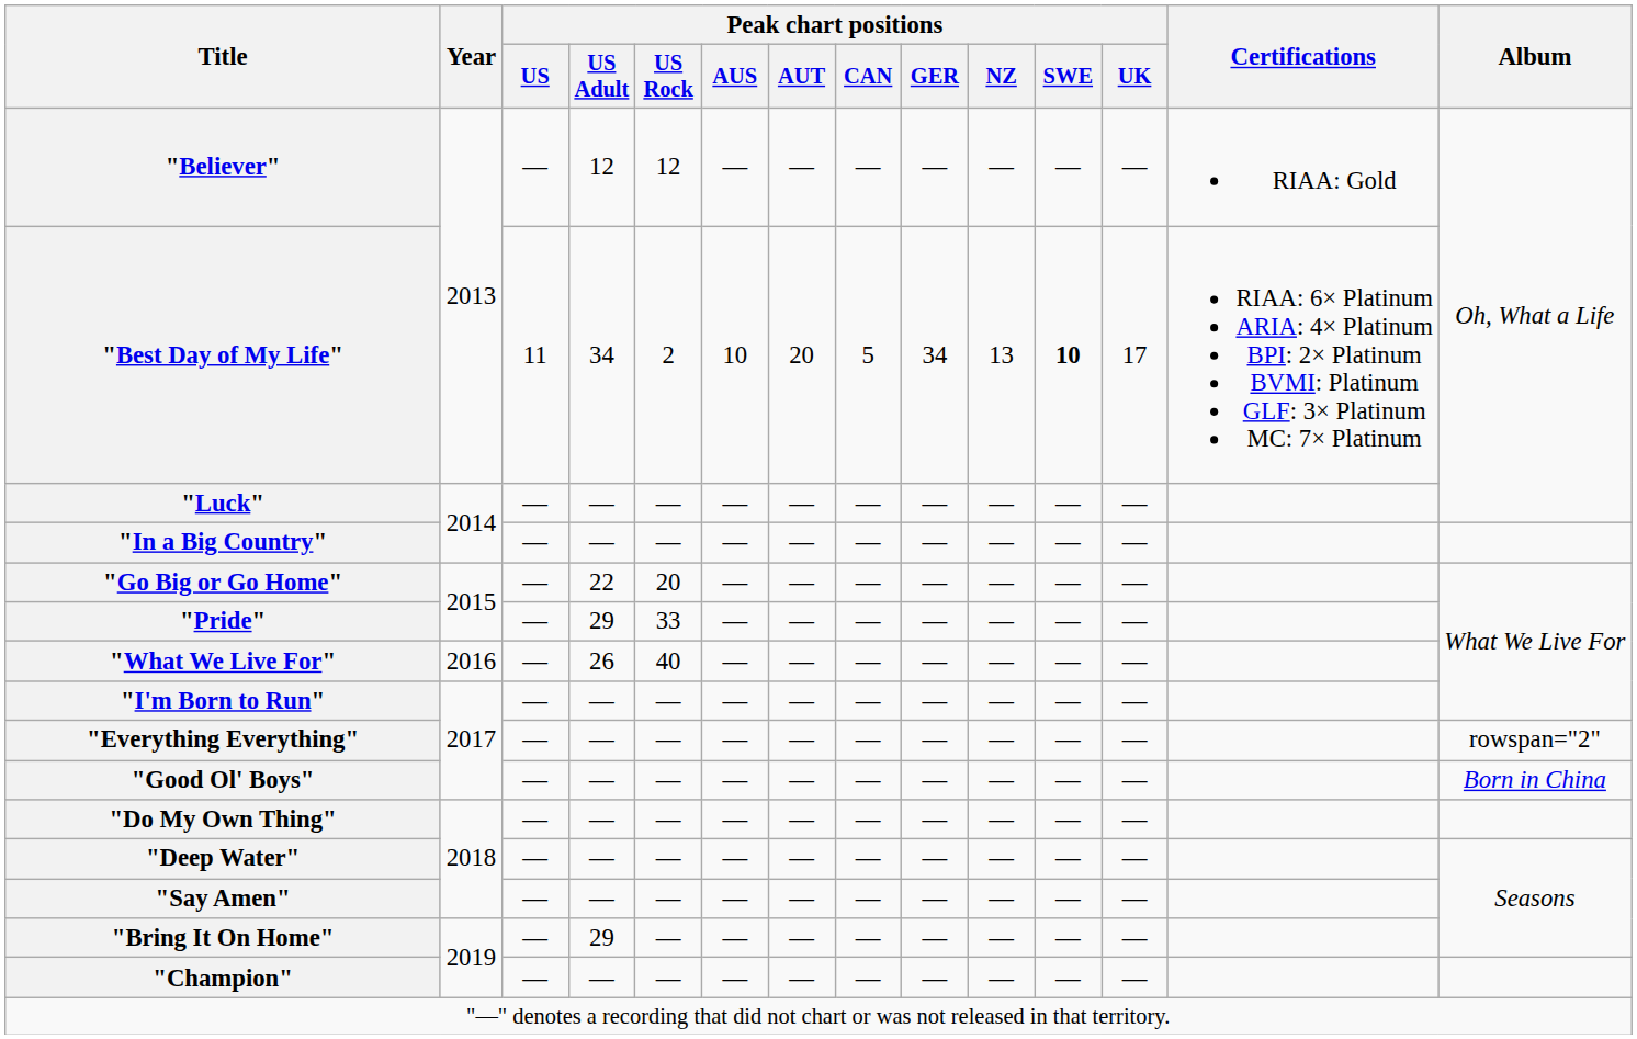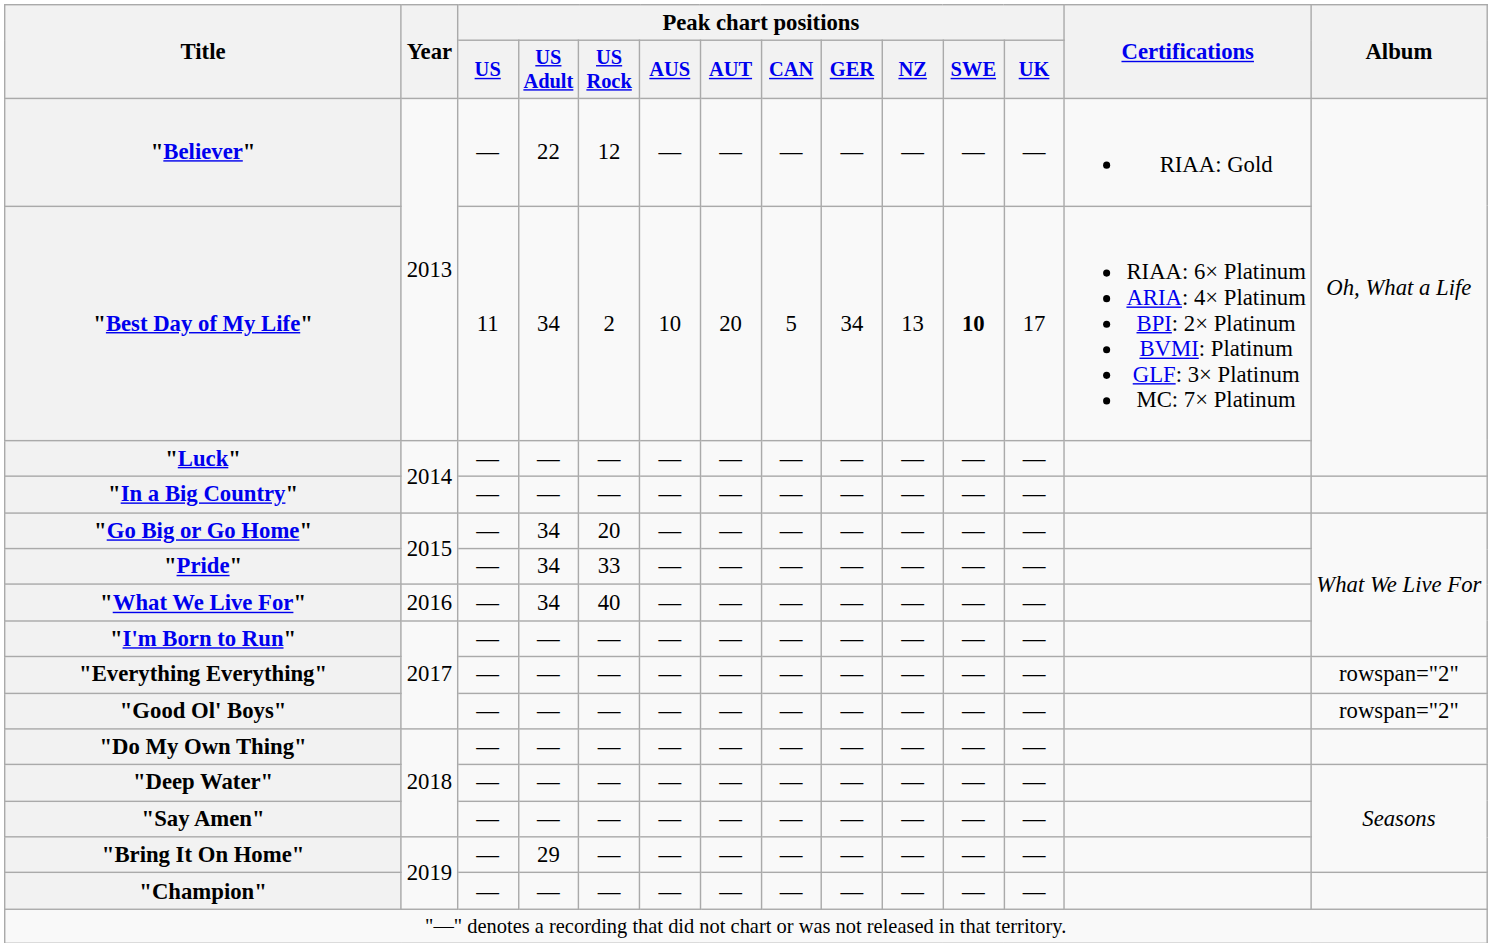 <table class="wikitable plainrowheaders" style="text-align:center;">
 <tr>
 <th scope="col" rowspan="2" style="width:17em;">Title</th>
 <th scope="col" rowspan="2">Year</th>
 <th scope="col" colspan="10">Peak chart positions</th>
 <th scope="col" rowspan="2"><a href='#'>Certifications</a></th>
 <th scope="col" rowspan="2">Album</th>
 </tr>
 <tr>
 <th scope="col" style="width:2.5em;font-size:90%;"><a href='#'>US</a><br></th>
 <th scope="col" style="width:2.5em;font-size:90%;"><a href='#'>US<br>Adult</a><br></th>
 <th scope="col" style="width:2.5em;font-size:90%;"><a href='#'>US<br>Rock</a><br></th>
 <th scope="col" style="width:2.5em;font-size:90%;"><a href='#'>AUS</a><br></th>
 <th scope="col" style="width:2.5em;font-size:90%;"><a href='#'>AUT</a><br></th>
 <th scope="col" style="width:2.5em;font-size:90%;"><a href='#'>CAN</a><br></th>
 <th scope="col" style="width:2.5em;font-size:90%;"><a href='#'>GER</a><br></th>
 <th scope="col" style="width:2.5em;font-size:90%;"><a href='#'>NZ</a><br></th>
 <th scope="col" style="width:2.5em;font-size:90%;"><a href='#'>SWE</a><br></th>
 <th scope="col" style="width:2.5em;font-size:90%;"><a href='#'>UK</a><br></th>
 </tr>
 <tr>
 <th scope="row">"<a href='#'>Believer</a>"</th>
 <td rowspan="2">2013</td>
 <td>—</td>
-<td>12</td>
+<td>22</td>
 <td>12</td>
 <td>—</td>
 <td>—</td>
 <td>—</td>
 <td>—</td>
 <td>—</td>
 <td>—</td>
 <td>—</td>
 <td><br><ul><li>RIAA: Gold</li></ul></td>
 <td rowspan="3"><em>Oh, What a Life</em></td>
 </tr>
 <tr>
 <th scope="row">"<a href='#'>Best Day of My Life</a>"</th>
 <td>11</td>
 <td>34</td>
 <td>2</td>
 <td>10</td>
 <td>20</td>
 <td>5</td>
 <td>34</td>
 <td>13</td>
 <td><strong>10</strong></td>
 <td>17</td>
 <td><br><ul><li>RIAA: 6× Platinum</li><li><a href='#'>ARIA</a>: 4× Platinum</li><li><a href='#'>BPI</a>: 2× Platinum</li><li><a href='#'>BVMI</a>: Platinum</li><li><a href='#'>GLF</a>: 3× Platinum</li><li>MC: 7× Platinum</li></ul></td>
 </tr>
 <tr>
 <th scope="row">"<a href='#'>Luck</a>"</th>
 <td rowspan="2">2014</td>
 <td>—</td>
 <td>—</td>
 <td>—</td>
 <td>—</td>
 <td>—</td>
 <td>—</td>
 <td>—</td>
 <td>—</td>
 <td>—</td>
 <td>—</td>
 <td></td>
 </tr>
 <tr>
 <th scope="row">"<a href='#'>In a Big Country</a>"</th>
 <td>—</td>
 <td>—</td>
 <td>—</td>
 <td>—</td>
 <td>—</td>
 <td>—</td>
 <td>—</td>
 <td>—</td>
 <td>—</td>
 <td>—</td>
 <td></td>
 <td></td>
 </tr>
 <tr>
 <th scope="row">"<a href='#'>Go Big or Go Home</a>"</th>
 <td rowspan="2">2015</td>
 <td>—</td>
-<td>22</td>
+<td>34</td>
 <td>20</td>
 <td>—</td>
 <td>—</td>
 <td>—</td>
 <td>—</td>
 <td>—</td>
 <td>—</td>
 <td>—</td>
 <td></td>
 <td rowspan="4"><em>What We Live For</em></td>
 </tr>
 <tr>
 <th scope="row">"<a href='#'>Pride</a>"</th>
 <td>—</td>
-<td>29</td>
+<td>34</td>
 <td>33</td>
 <td>—</td>
 <td>—</td>
 <td>—</td>
 <td>—</td>
 <td>—</td>
 <td>—</td>
 <td>—</td>
 <td></td>
 </tr>
 <tr>
 <th scope="row">"<a href='#'>What We Live For</a>"</th>
 <td>2016</td>
 <td>—</td>
-<td>26</td>
+<td>34</td>
 <td>40</td>
 <td>—</td>
 <td>—</td>
 <td>—</td>
 <td>—</td>
 <td>—</td>
 <td>—</td>
 <td>—</td>
 <td></td>
 </tr>
 <tr>
 <th scope="row">"<a href='#'>I'm Born to Run</a>"</th>
 <td rowspan="3">2017</td>
 <td>—</td>
 <td>—</td>
 <td>—</td>
 <td>—</td>
 <td>—</td>
 <td>—</td>
 <td>—</td>
 <td>—</td>
 <td>—</td>
 <td>—</td>
 <td></td>
 </tr>
 <tr>
 <th scope="row">"Everything Everything"</th>
 <td>—</td>
 <td>—</td>
 <td>—</td>
 <td>—</td>
 <td>—</td>
 <td>—</td>
 <td>—</td>
 <td>—</td>
 <td>—</td>
 <td>—</td>
 <td></td>
 <td>rowspan="2" </td>
 </tr>
 <tr>
 <th scope="row">"Good Ol' Boys"<br></th>
 <td>—</td>
 <td>—</td>
 <td>—</td>
 <td>—</td>
 <td>—</td>
 <td>—</td>
 <td>—</td>
 <td>—</td>
 <td>—</td>
 <td>—</td>
 <td></td>
-<td><em><a href='#'>Born in China</a></em></td>
+<td>rowspan="2" </td>
 </tr>
 <tr>
 <th scope="row">"Do My Own Thing"</th>
 <td rowspan="3">2018</td>
 <td>—</td>
 <td>—</td>
 <td>—</td>
 <td>—</td>
 <td>—</td>
 <td>—</td>
 <td>—</td>
 <td>—</td>
 <td>—</td>
 <td>—</td>
 <td></td>
 </tr>
 <tr>
 <th scope="row">"Deep Water"</th>
 <td>—</td>
 <td>—</td>
 <td>—</td>
 <td>—</td>
 <td>—</td>
 <td>—</td>
 <td>—</td>
 <td>—</td>
 <td>—</td>
 <td>—</td>
 <td></td>
 <td rowspan="3"><em>Seasons</em></td>
 </tr>
 <tr>
 <th scope="row">"Say Amen"<br></th>
 <td>—</td>
 <td>—</td>
 <td>—</td>
 <td>—</td>
 <td>—</td>
 <td>—</td>
 <td>—</td>
 <td>—</td>
 <td>—</td>
 <td>—</td>
 <td></td>
 </tr>
 <tr>
 <th scope="row">"Bring It On Home"<br></th>
 <td rowspan="2">2019</td>
 <td>—</td>
 <td>29</td>
 <td>—</td>
 <td>—</td>
 <td>—</td>
 <td>—</td>
 <td>—</td>
 <td>—</td>
 <td>—</td>
 <td>—</td>
 <td></td>
 </tr>
 <tr>
 <th scope="row">"Champion"</th>
 <td>—</td>
 <td>—</td>
 <td>—</td>
 <td>—</td>
 <td>—</td>
 <td>—</td>
 <td>—</td>
 <td>—</td>
 <td>—</td>
 <td>—</td>
 <td></td>
 <td></td>
 </tr>
 <tr>
 <td colspan="14" style="font-size:90%">"—" denotes a recording that did not chart or was not released in that territory.</td>
 </tr>
 </table>
